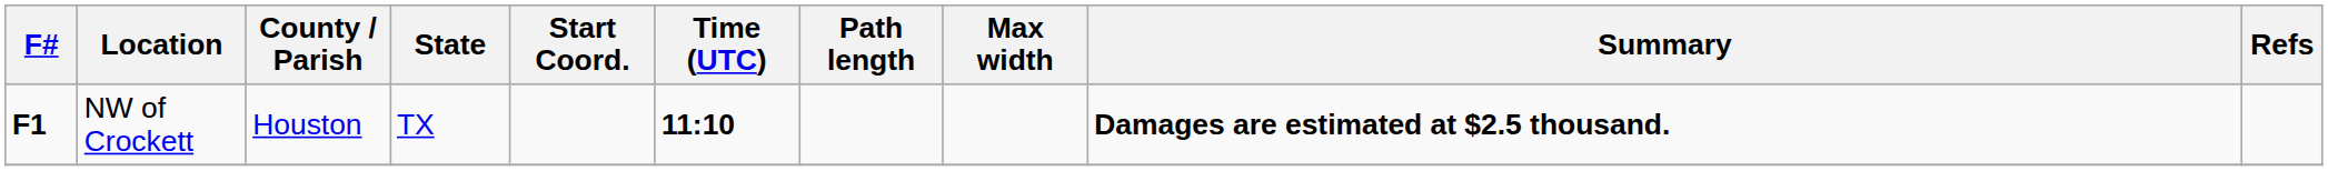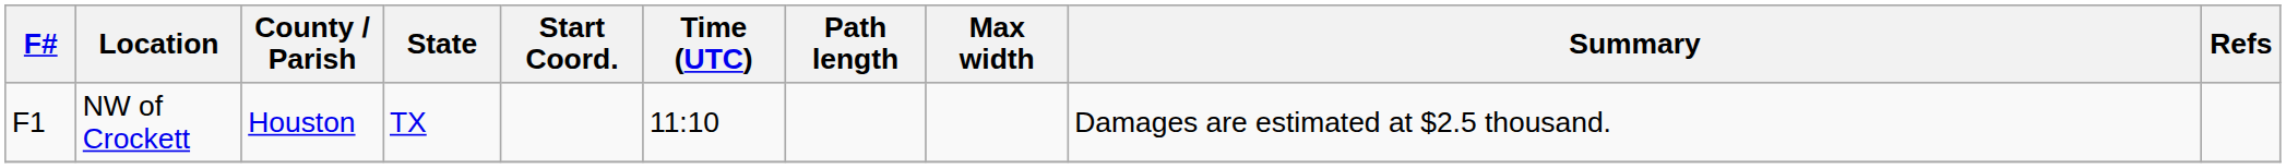 <table class="wikitable sortable" style="width:100%;">
 <tr>
 <th scope="col"  style="width:3%; text-align:center;"><a href='#'>F#</a></th>
 <th scope="col"  style="width:7%; text-align:center;" class="unsortable">Location</th>
 <th scope="col"  style="width:6%; text-align:center;" class="unsortable">County / Parish</th>
 <th scope="col"  style="width:5%; text-align:center;">State</th>
 <th scope="col"  style="width:6%; text-align:center;">Start Coord.</th>
 <th scope="col"  style="width:6%; text-align:center;">Time (<a href='#'>UTC</a>)</th>
 <th scope="col"  style="width:6%; text-align:center;">Path length</th>
 <th scope="col"  style="width:6%; text-align:center;">Max width</th>
 <th scope="col" class="unsortable" style="width:48%; text-align:center;">Summary</th>
 <th scope="col" class="unsortable" style="width:3%; text-align:center;">Refs</th>
 </tr>
 <tr>
-<td bgcolor=><strong>F1</strong></td>
+<td bgcolor=>F1</td>
 <td>NW of <a href='#'>Crockett</a></td>
 <td><a href='#'>Houston</a></td>
 <td><a href='#'>TX</a></td>
 <td></td>
-<td><strong>11:10</strong></td>
+<td>11:10</td>
 <td></td>
 <td></td>
-<td><strong>Damages are estimated at $2.5 thousand.</strong></td>
+<td>Damages are estimated at $2.5 thousand.</td>
 <td></td>
 </tr>
 <tr>
 </tr>
 </table>
